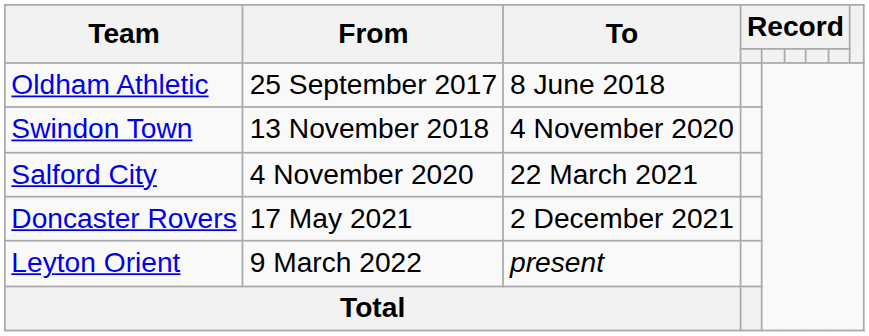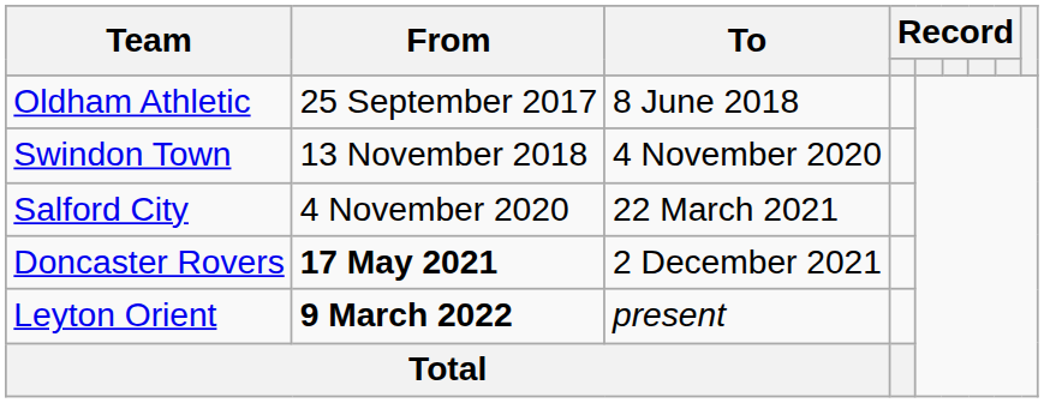 <table class=wikitable style=text-align:center>
 <tr>
 <th rowspan=2>Team</th>
 <th rowspan=2>From</th>
 <th rowspan=2>To</th>
 <th colspan=5>Record</th>
 <th rowspan=2></th>
 </tr>
 <tr>
 <th></th>
 <th></th>
 <th></th>
 <th></th>
 <th></th>
 </tr>
 <tr>
 <td align=left><a href='#'>Oldham Athletic</a></td>
 <td align=left>25 September 2017</td>
 <td align=left>8 June 2018<br></td>
 <td></td>
 </tr>
 <tr>
 <td align=left><a href='#'>Swindon Town</a></td>
 <td align=left>13 November 2018</td>
 <td align=left>4 November 2020<br></td>
 <td></td>
 </tr>
 <tr>
 <td align=left><a href='#'>Salford City</a></td>
 <td align=left>4 November 2020</td>
 <td align=left>22 March 2021<br></td>
 <td></td>
 </tr>
 <tr>
 <td align=left><a href='#'>Doncaster Rovers</a></td>
-<td align=left>17 May 2021</td>
+<td align=left><strong>17 May 2021</strong></td>
 <td align=left>2 December 2021<br></td>
 <td></td>
 </tr>
 <tr>
 <td align=left><a href='#'>Leyton Orient</a></td>
-<td align=left>9 March 2022</td>
+<td align=left><strong>9 March 2022</strong></td>
 <td align=left><em>present</em><br></td>
 <td></td>
 </tr>
 <tr>
 <th colspan=3>Total<br></th>
 <th></th>
 </tr>
 </table>
